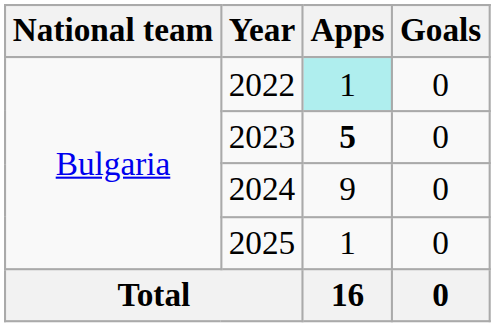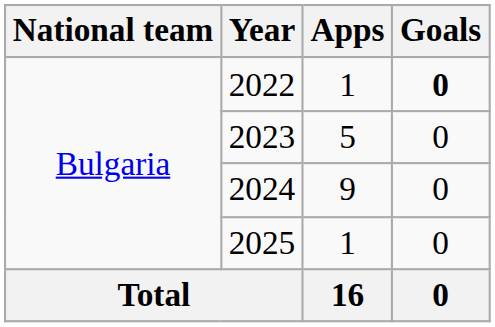 <table class="wikitable" style="text-align:center">
 <tr>
 <th>National team</th>
 <th>Year</th>
 <th>Apps</th>
 <th>Goals</th>
 </tr>
 <tr>
 <td rowspan="4"><a href='#'>Bulgaria</a></td>
 <td>2022</td>
-<td style="background: paleturquoise;">1</td>
-<td>0</td>
+<td>1</td>
+<td><strong>0</strong></td>
 </tr>
 <tr>
 <td>2023</td>
-<td><strong>5</strong></td>
+<td>5</td>
 <td>0</td>
 </tr>
 <tr>
 <td>2024</td>
 <td>9</td>
 <td>0</td>
 </tr>
 <tr>
 <td>2025</td>
 <td>1</td>
 <td>0</td>
 </tr>
 <tr>
 <th colspan="2">Total</th>
 <th>16</th>
 <th>0</th>
 </tr>
 </table>
